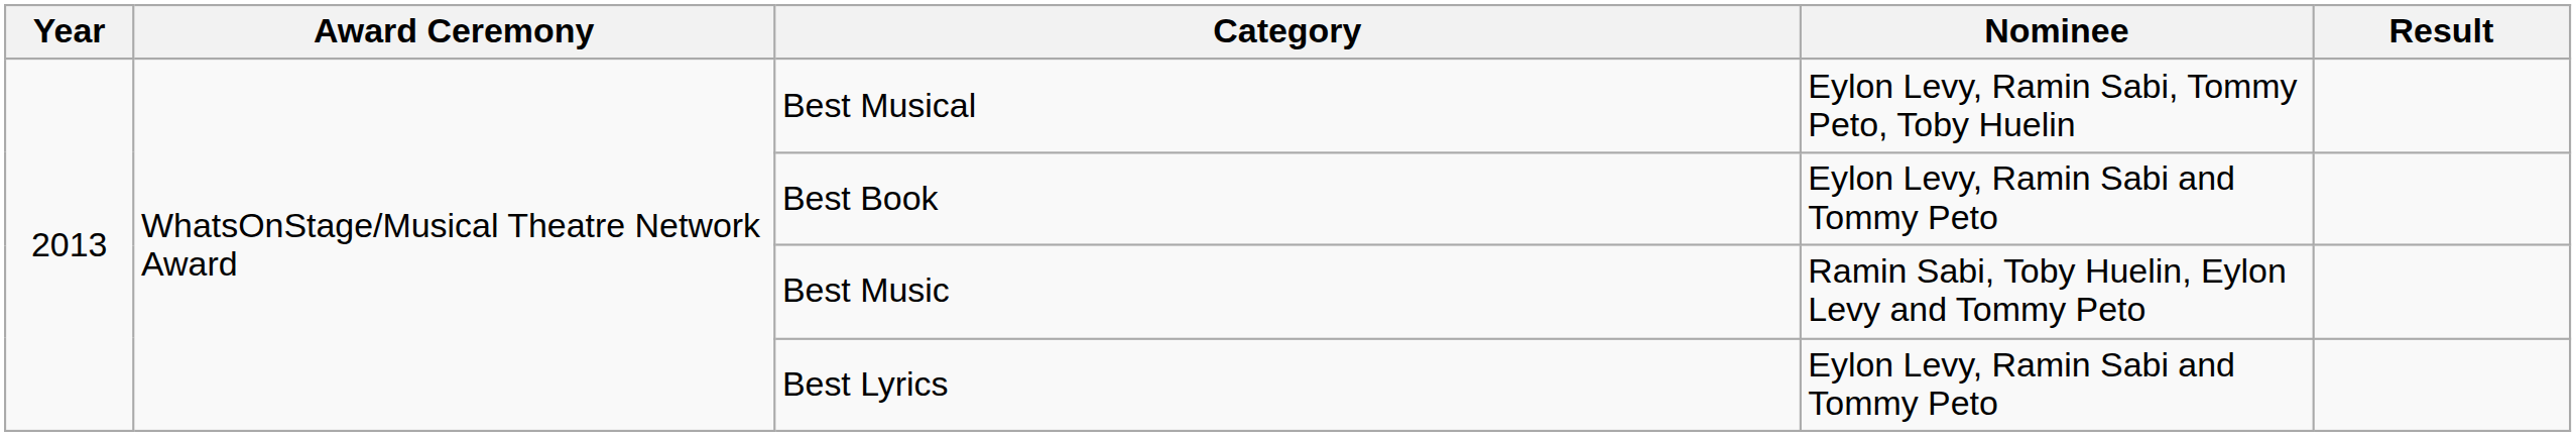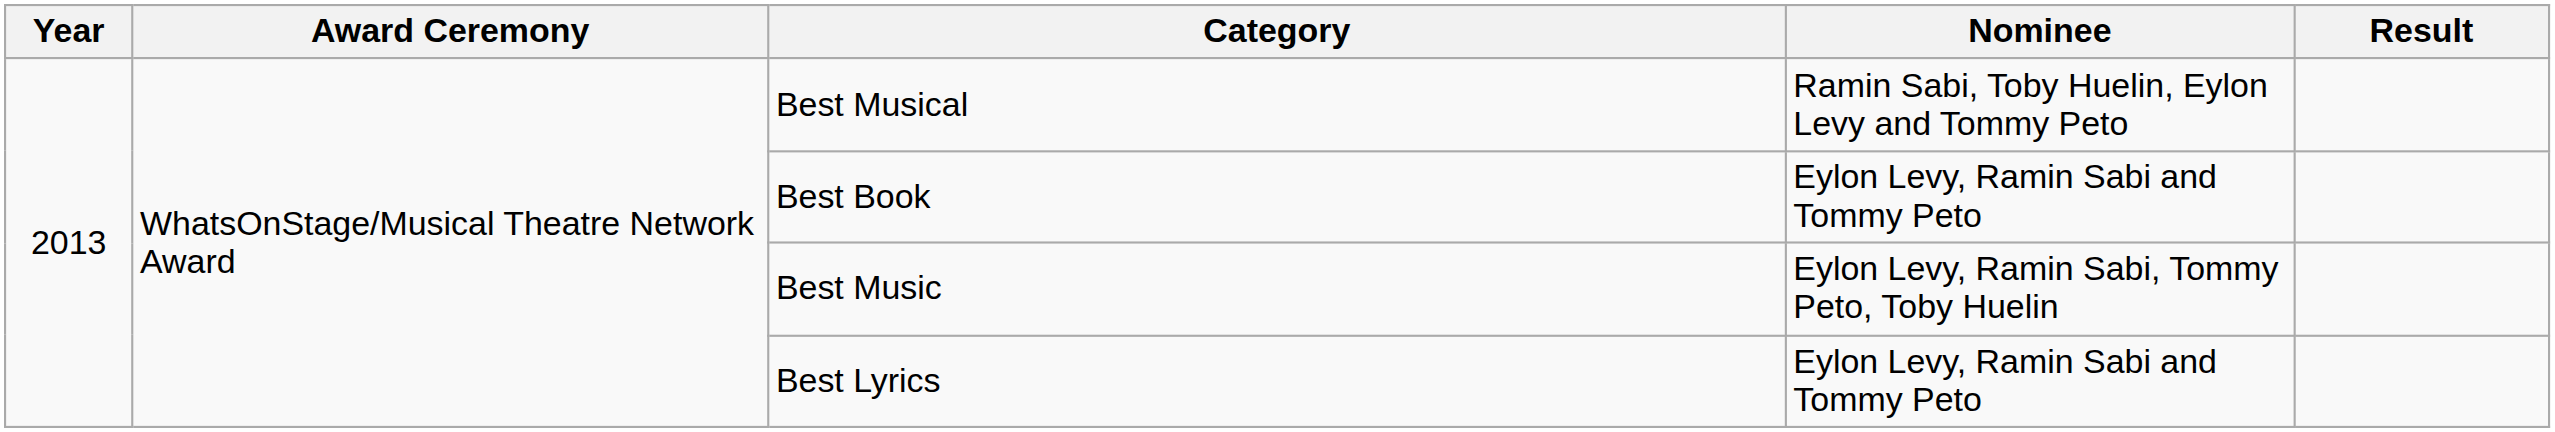 <table class="wikitable" style="width:95%;">
 <tr>
 <th style="width:5%;">Year</th>
 <th style="width:25%;">Award Ceremony</th>
 <th style="width:40%;">Category</th>
 <th style="width:20%;">Nominee</th>
 <th style="width:10%;">Result</th>
 </tr>
 <tr>
 <td rowspan="4" style="text-align:center;">2013</td>
 <td rowspan="4">WhatsOnStage/Musical Theatre Network Award</td>
 <td>Best Musical</td>
-<td>Eylon Levy, Ramin Sabi, Tommy Peto, Toby Huelin</td>
+<td>Ramin Sabi, Toby Huelin, Eylon Levy and Tommy Peto</td>
 <td></td>
 </tr>
 <tr>
 <td>Best Book</td>
 <td>Eylon Levy, Ramin Sabi and Tommy Peto</td>
 <td></td>
 </tr>
 <tr>
 <td>Best Music</td>
-<td>Ramin Sabi, Toby Huelin, Eylon Levy and Tommy Peto</td>
+<td>Eylon Levy, Ramin Sabi, Tommy Peto, Toby Huelin</td>
 <td></td>
 </tr>
 <tr>
 <td>Best Lyrics</td>
 <td>Eylon Levy, Ramin Sabi and Tommy Peto</td>
 <td></td>
 </tr>
 </table>
